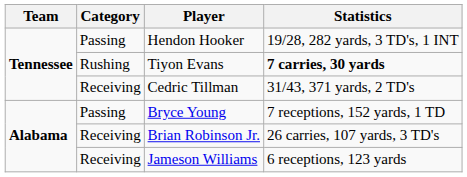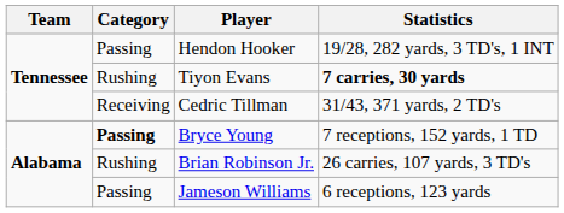 <table class="wikitable" style="float: right;">
 <tr>
 <th>Team</th>
 <th>Category</th>
 <th>Player</th>
 <th>Statistics</th>
 </tr>
 <tr>
 <td rowspan=3><strong>Tennessee</strong></td>
 <td>Passing</td>
 <td>Hendon Hooker</td>
 <td>19/28, 282 yards, 3 TD's, 1 INT</td>
 </tr>
 <tr>
 <td>Rushing</td>
 <td>Tiyon Evans</td>
 <td><strong>7 carries, 30 yards</strong></td>
 </tr>
 <tr>
 <td>Receiving</td>
 <td>Cedric Tillman</td>
 <td>31/43, 371 yards, 2 TD's</td>
 </tr>
 <tr>
 <td rowspan=3><strong>Alabama</strong></td>
-<td>Passing</td>
+<td><strong>Passing</strong></td>
 <td><a href='#'>Bryce Young</a></td>
 <td>7 receptions, 152 yards, 1 TD</td>
 </tr>
 <tr>
-<td>Receiving</td>
+<td>Rushing</td>
 <td><a href='#'>Brian Robinson Jr.</a></td>
 <td>26 carries, 107 yards, 3 TD's</td>
 </tr>
 <tr>
-<td>Receiving</td>
+<td>Passing</td>
 <td><a href='#'>Jameson Williams</a></td>
 <td>6 receptions, 123 yards</td>
 </tr>
 </table>
